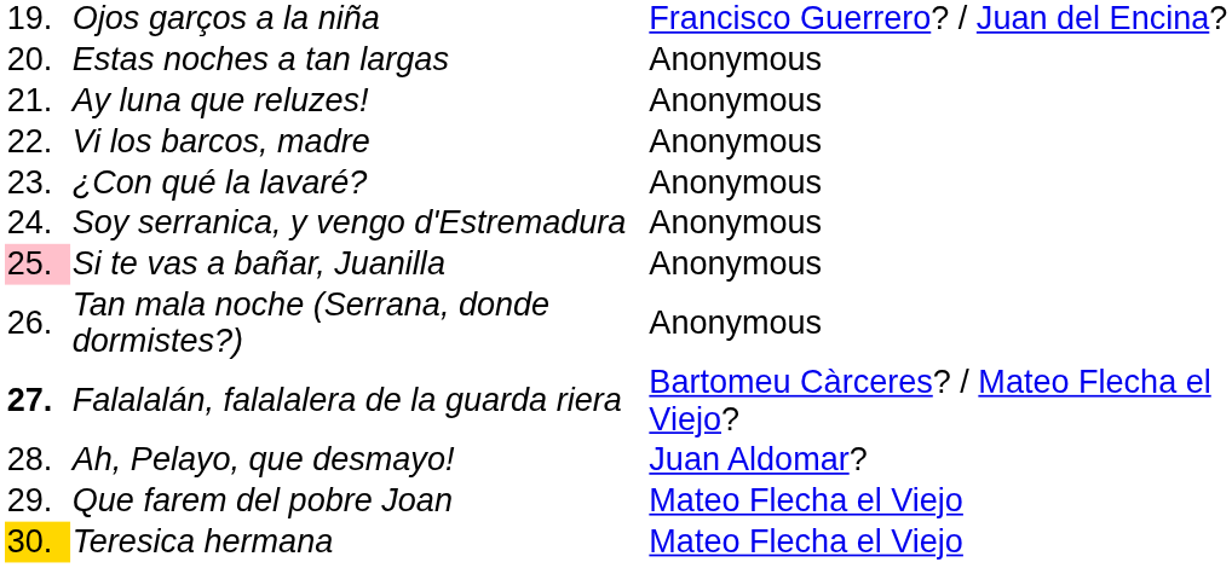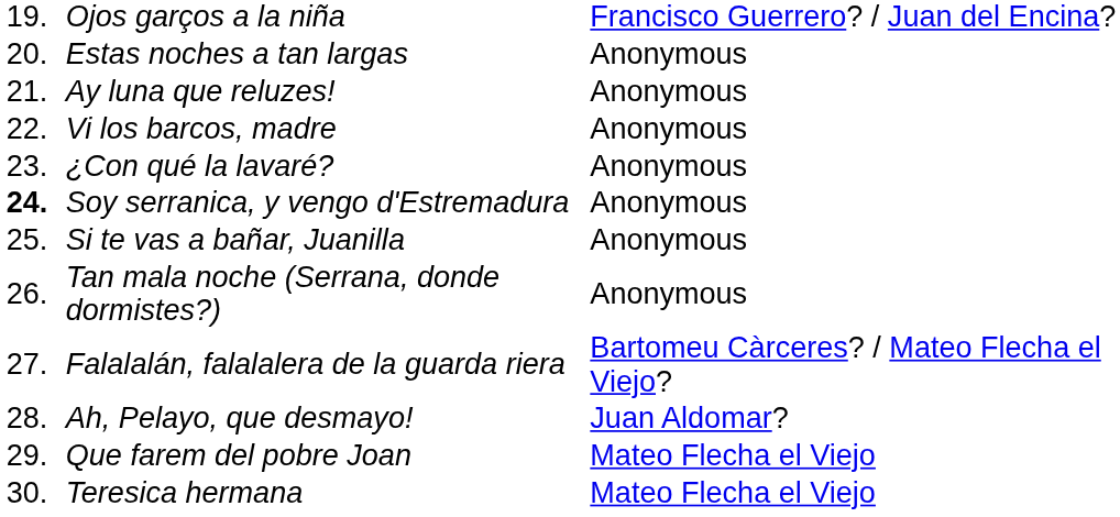 <table cellpadding="1" cellspacing="0">
 <tr>
 <td width=30 align=left>19.</td>
 <td width=280 align=left><em>Ojos garços a la niña</em></td>
 <td width=300 align=left><a href='#'>Francisco Guerrero</a>? / <a href='#'>Juan del Encina</a>?</td>
 </tr>
 <tr>
 <td>20.</td>
 <td><em>Estas noches a tan largas</em></td>
 <td>Anonymous</td>
 </tr>
 <tr>
 <td>21.</td>
 <td><em>Ay luna que reluzes!</em></td>
 <td>Anonymous</td>
 </tr>
 <tr>
 <td>22.</td>
 <td><em>Vi los barcos, madre</em></td>
 <td>Anonymous</td>
 </tr>
 <tr>
 <td>23.</td>
 <td><em>¿Con qué la lavaré?</em></td>
 <td>Anonymous</td>
 </tr>
 <tr>
-<td>24.</td>
+<td><strong>24.</strong></td>
 <td><em>Soy serranica, y vengo d'Estremadura</em></td>
 <td>Anonymous</td>
 </tr>
 <tr>
-<td style="background: pink;">25.</td>
+<td>25.</td>
 <td><em>Si te vas a bañar, Juanilla</em></td>
 <td>Anonymous</td>
 </tr>
 <tr>
 <td>26.</td>
 <td><em>Tan mala noche (Serrana, donde dormistes?)</em></td>
 <td>Anonymous</td>
 </tr>
 <tr>
-<td><strong>27.</strong></td>
+<td>27.</td>
 <td><em>Falalalán, falalalera de la guarda riera</em></td>
 <td><a href='#'>Bartomeu Càrceres</a>? / <a href='#'>Mateo Flecha el Viejo</a>?</td>
 </tr>
 <tr>
 <td>28.</td>
 <td><em>Ah, Pelayo, que desmayo!</em></td>
 <td><a href='#'>Juan Aldomar</a>?</td>
 </tr>
 <tr>
 <td>29.</td>
 <td><em>Que farem del pobre Joan</em></td>
 <td><a href='#'>Mateo Flecha el Viejo</a></td>
 </tr>
 <tr>
-<td style="background: gold;">30.</td>
+<td>30.</td>
 <td><em>Teresica hermana</em></td>
 <td><a href='#'>Mateo Flecha el Viejo</a></td>
 </tr>
 </table>
